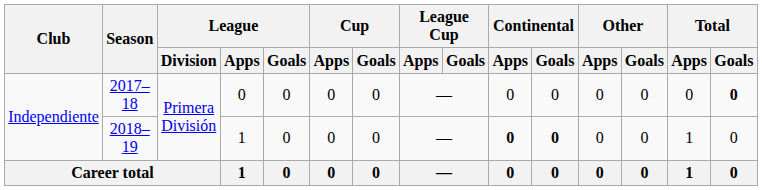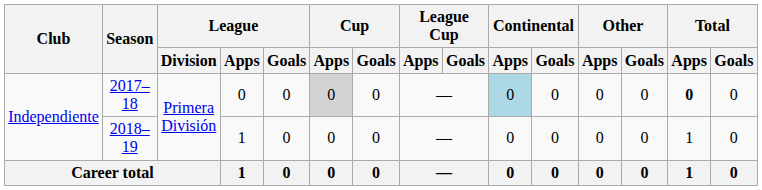 <table class="wikitable" style="text-align:center">
 <tr>
 <th rowspan="2">Club</th>
 <th rowspan="2">Season</th>
 <th colspan="3">League</th>
 <th colspan="2">Cup</th>
 <th colspan="2">League Cup</th>
 <th colspan="2">Continental</th>
 <th colspan="2">Other</th>
 <th colspan="2">Total</th>
 </tr>
 <tr>
 <th>Division</th>
 <th>Apps</th>
 <th>Goals</th>
 <th>Apps</th>
 <th>Goals</th>
 <th>Apps</th>
 <th>Goals</th>
 <th>Apps</th>
 <th>Goals</th>
 <th>Apps</th>
 <th>Goals</th>
 <th>Apps</th>
 <th>Goals</th>
 </tr>
 <tr>
 <td rowspan="2"><a href='#'>Independiente</a></td>
 <td><a href='#'>2017–18</a></td>
 <td rowspan="2"><a href='#'>Primera División</a></td>
 <td>0</td>
 <td>0</td>
-<td>0</td>
+<td style="background: lightgrey;">0</td>
 <td>0</td>
 <td colspan="2">—</td>
-<td>0</td>
-<td>0</td>
+<td style="background: lightblue;">0</td>
 <td>0</td>
 <td>0</td>
 <td>0</td>
 <td><strong>0</strong></td>
+<td>0</td>
 </tr>
 <tr>
 <td><a href='#'>2018–19</a></td>
 <td>1</td>
 <td>0</td>
 <td>0</td>
 <td>0</td>
 <td colspan="2">—</td>
-<td><strong>0</strong></td>
-<td><strong>0</strong></td>
+<td>0</td>
+<td>0</td>
 <td>0</td>
 <td>0</td>
 <td>1</td>
 <td>0</td>
 </tr>
 <tr>
 <th colspan="3">Career total</th>
 <th>1</th>
 <th>0</th>
 <th>0</th>
 <th>0</th>
 <th colspan="2">—</th>
 <th>0</th>
 <th>0</th>
 <th>0</th>
 <th>0</th>
 <th>1</th>
 <th>0</th>
 </tr>
 </table>
